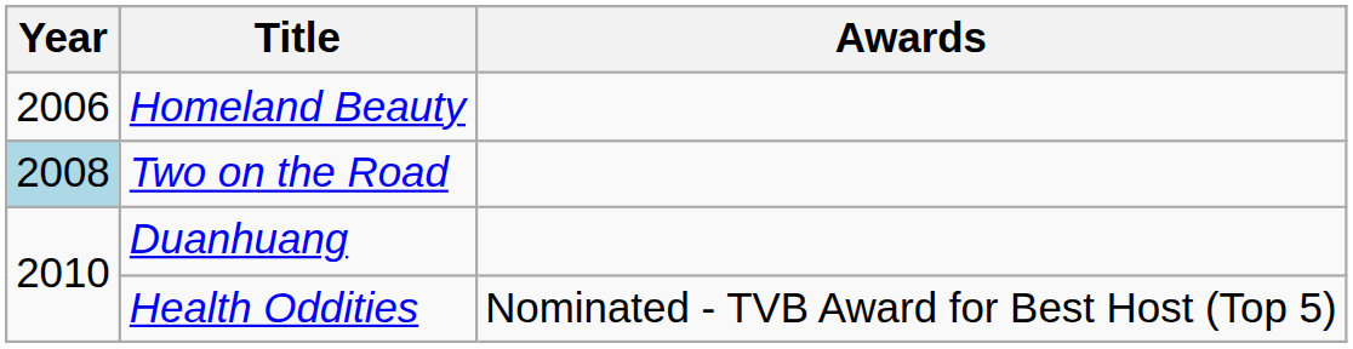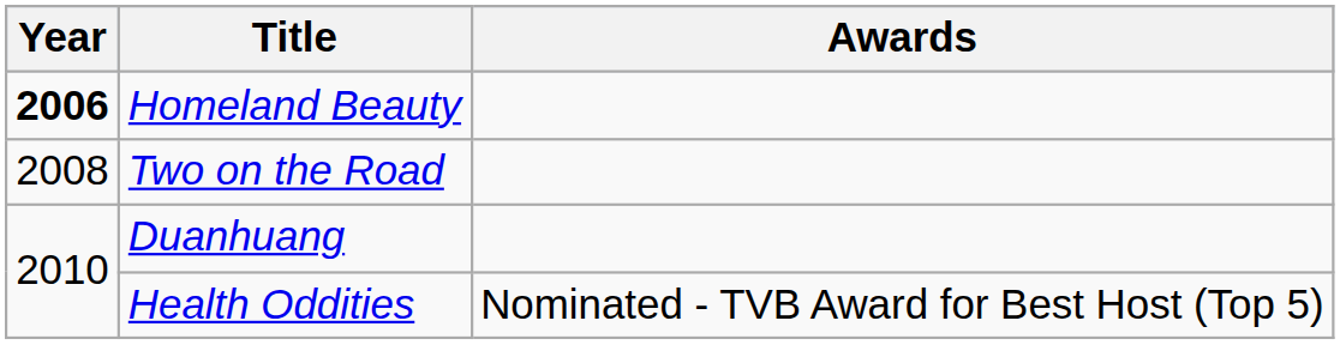 <table class="wikitable">
 <tr style="background:#b0c4de; text-align:center;">
 <th>Year</th>
 <th>Title</th>
 <th>Awards</th>
 </tr>
 <tr>
-<td>2006</td>
+<td><strong>2006</strong></td>
 <td><em><a href='#'>Homeland Beauty</a></em></td>
 <td></td>
 </tr>
 <tr>
-<td style="background: lightblue;">2008</td>
+<td>2008</td>
 <td><em><a href='#'>Two on the Road</a></em></td>
 <td></td>
 </tr>
 <tr>
 <td rowspan="2">2010</td>
 <td><em><a href='#'>Duanhuang</a></em></td>
 <td></td>
 </tr>
 <tr>
 <td><em><a href='#'>Health Oddities</a></em></td>
 <td>Nominated - TVB Award for Best Host (Top 5)</td>
 </tr>
 </table>
